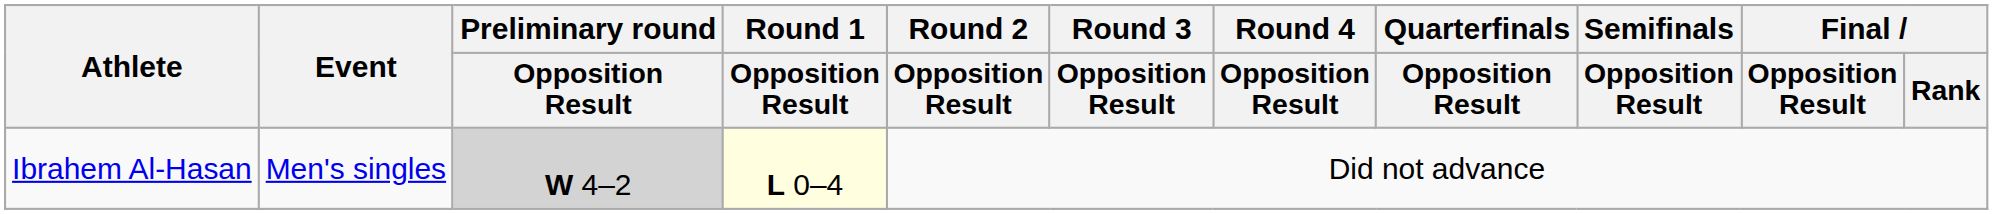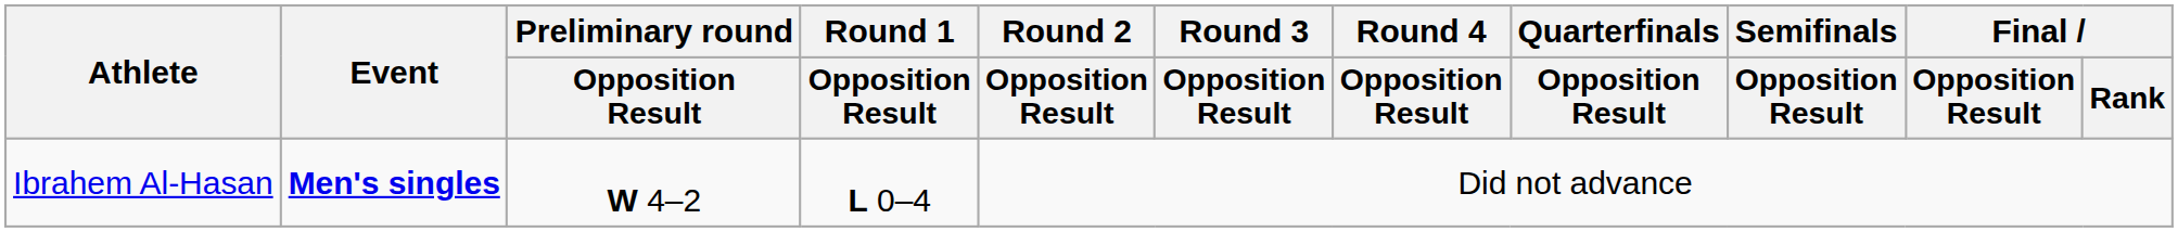 <table class="wikitable" style="font-size:90%">
 <tr>
 <th rowspan=2>Athlete</th>
 <th rowspan=2>Event</th>
 <th>Preliminary round</th>
 <th>Round 1</th>
 <th>Round 2</th>
 <th>Round 3</th>
 <th>Round 4</th>
 <th>Quarterfinals</th>
 <th>Semifinals</th>
 <th colspan=2>Final / </th>
 </tr>
 <tr style="font-size:95%">
 <th>Opposition<br>Result</th>
 <th>Opposition<br>Result</th>
 <th>Opposition<br>Result</th>
 <th>Opposition<br>Result</th>
 <th>Opposition<br>Result</th>
 <th>Opposition<br>Result</th>
 <th>Opposition<br>Result</th>
 <th>Opposition<br>Result</th>
 <th>Rank</th>
 </tr>
 <tr align=center>
 <td align=left><a href='#'>Ibrahem Al-Hasan</a></td>
-<td align=left><a href='#'>Men's singles</a></td>
-<td style="background: lightgrey;"> <br><strong>W</strong> 4–2</td>
-<td style="background: lightyellow;"> <br><strong>L</strong> 0–4</td>
+<td align=left><strong><a href='#'>Men's singles</a></strong></td>
+<td> <br><strong>W</strong> 4–2</td>
+<td> <br><strong>L</strong> 0–4</td>
 <td colspan=7>Did not advance</td>
 </tr>
 </table>
